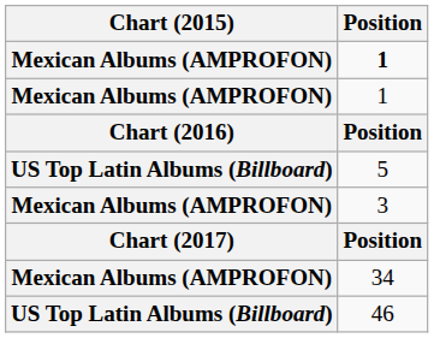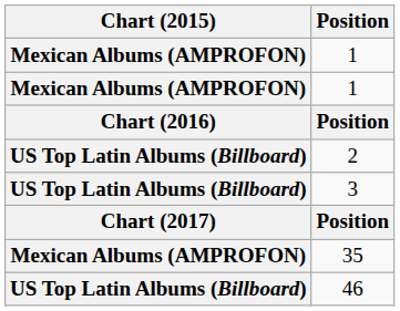 <table class="wikitable plainrowheaders" style="text-align:center">
 <tr>
 <th scope="col">Chart (2015)</th>
 <th scope="col">Position</th>
 </tr>
 <tr>
 <th scope="row">Mexican Albums (AMPROFON)</th>
-<td><strong>1</strong></td>
+<td>1</td>
 </tr>
 <tr>
 <th scope="row">Mexican Albums (AMPROFON)</th>
 <td>1</td>
 </tr>
 <tr>
 <th scope="col">Chart (2016)</th>
 <th scope="col">Position</th>
 </tr>
 <tr>
 <th scope="row">US Top Latin Albums (<em>Billboard</em>)</th>
-<td>5</td>
+<td>2</td>
 </tr>
 <tr>
-<th scope="row">Mexican Albums (AMPROFON)</th>
+<th scope="row">US Top Latin Albums (<em>Billboard</em>)</th>
 <td>3</td>
 </tr>
 <tr>
 <th scope="col">Chart (2017)</th>
 <th scope="col">Position</th>
 </tr>
 <tr>
 <th scope="row">Mexican Albums (AMPROFON)</th>
-<td>34</td>
+<td>35</td>
 </tr>
 <tr>
 <th scope="row">US Top Latin Albums (<em>Billboard</em>)</th>
 <td>46</td>
 </tr>
 </table>
